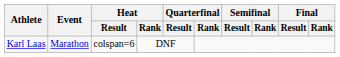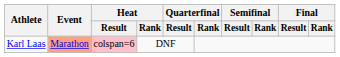 <table class="wikitable" style="font-size:90%">
 <tr>
 <th rowspan="2">Athlete</th>
 <th rowspan="2">Event</th>
 <th colspan="2">Heat</th>
 <th colspan="2">Quarterfinal</th>
 <th colspan="2">Semifinal</th>
 <th colspan="2">Final</th>
 </tr>
 <tr style="font-size:95%">
 <th>Result</th>
 <th>Rank</th>
 <th>Result</th>
 <th>Rank</th>
 <th>Result</th>
 <th>Rank</th>
 <th>Result</th>
 <th>Rank</th>
 </tr>
 <tr align=center>
 <td align=left rowspan=1><a href='#'>Karl Laas</a></td>
-<td align=left><a href='#'>Marathon</a></td>
-<td>colspan=6 </td>
+<td align=left style="background: lightsalmon;"><a href='#'>Marathon</a></td>
+<td style="background: pink;">colspan=6 </td>
 <td colspan=2>DNF</td>
 </tr>
 </table>
